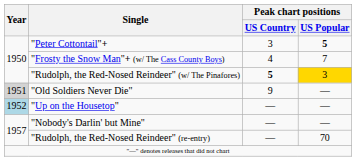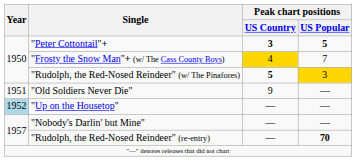 <table class="wikitable">
 <tr>
 <th rowspan="2">Year</th>
 <th rowspan="2">Single</th>
 <th colspan="2">Peak chart positions</th>
 </tr>
 <tr>
 <th><a href='#'>US Country</a></th>
 <th><a href='#'>US Popular</a></th>
 </tr>
 <tr>
 <td rowspan="3">1950</td>
 <td>"<a href='#'>Peter Cottontail</a>"<strong>+</strong> </td>
-<td align="center">3</td>
+<td align="center"><strong>3</strong></td>
 <td align="center"><strong>5</strong></td>
 </tr>
 <tr>
 <td>"<a href='#'>Frosty the Snow Man</a>"<strong>+</strong> <small>(w/ The <a href='#'>Cass County Boys</a>)</small></td>
-<td align="center">4</td>
+<td align="center" style="background: gold;">4</td>
 <td align="center">7</td>
 </tr>
 <tr>
 <td>"Rudolph, the Red-Nosed Reindeer" <small>(w/ The Pinafores)</small></td>
 <td align="center"><strong>5</strong></td>
 <td align="center" style="background: gold;">3</td>
 </tr>
 <tr>
-<td style="background: lightgrey;">1951</td>
+<td>1951</td>
 <td>"Old Soldiers Never Die"</td>
 <td align="center">9</td>
 <td align="center">—</td>
 </tr>
 <tr>
 <td style="background: lightblue;">1952</td>
 <td>"<a href='#'>Up on the Housetop</a>"</td>
 <td align="center">—</td>
 <td align="center">—</td>
 </tr>
 <tr>
 <td rowspan="2">1957</td>
 <td>"Nobody's Darlin' but Mine"</td>
 <td align="center">—</td>
 <td align="center">—</td>
 </tr>
 <tr>
 <td>"Rudolph, the Red-Nosed Reindeer" <small>(re-entry)</small></td>
 <td align="center">—</td>
-<td align="center">70</td>
+<td align="center"><strong>70</strong></td>
 </tr>
 <tr>
 <td align="center" colspan="10" style="font-size:8pt">"—" denotes releases that did not chart</td>
 </tr>
 </table>
